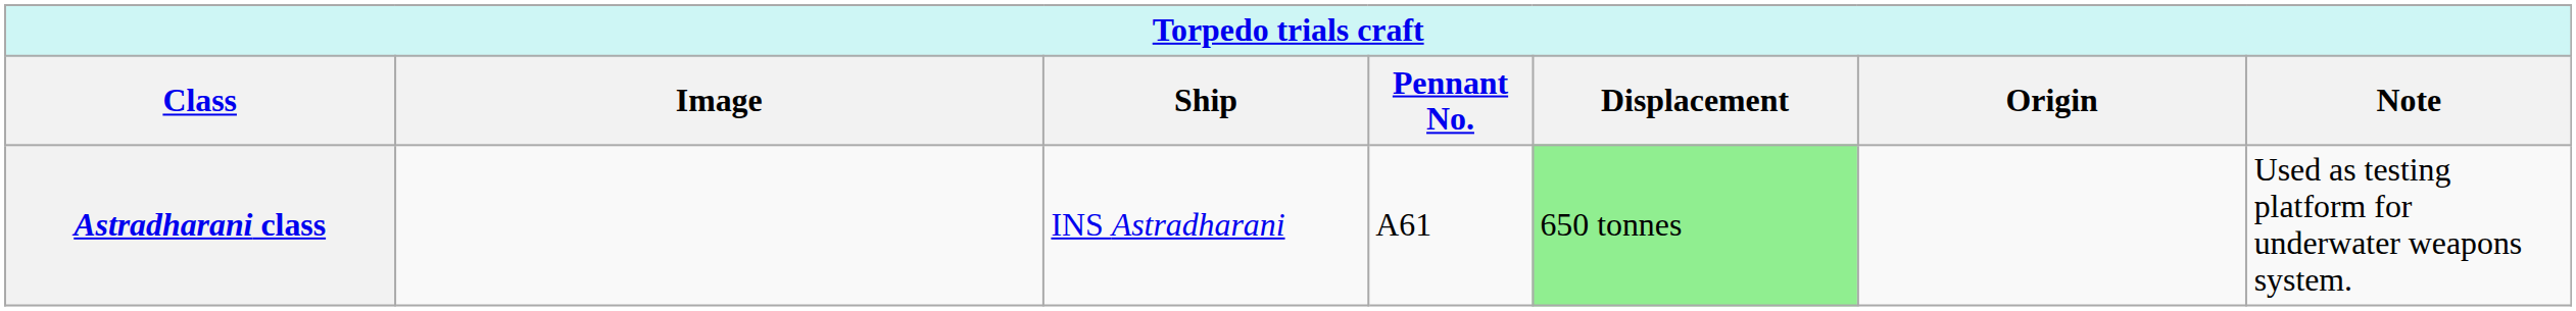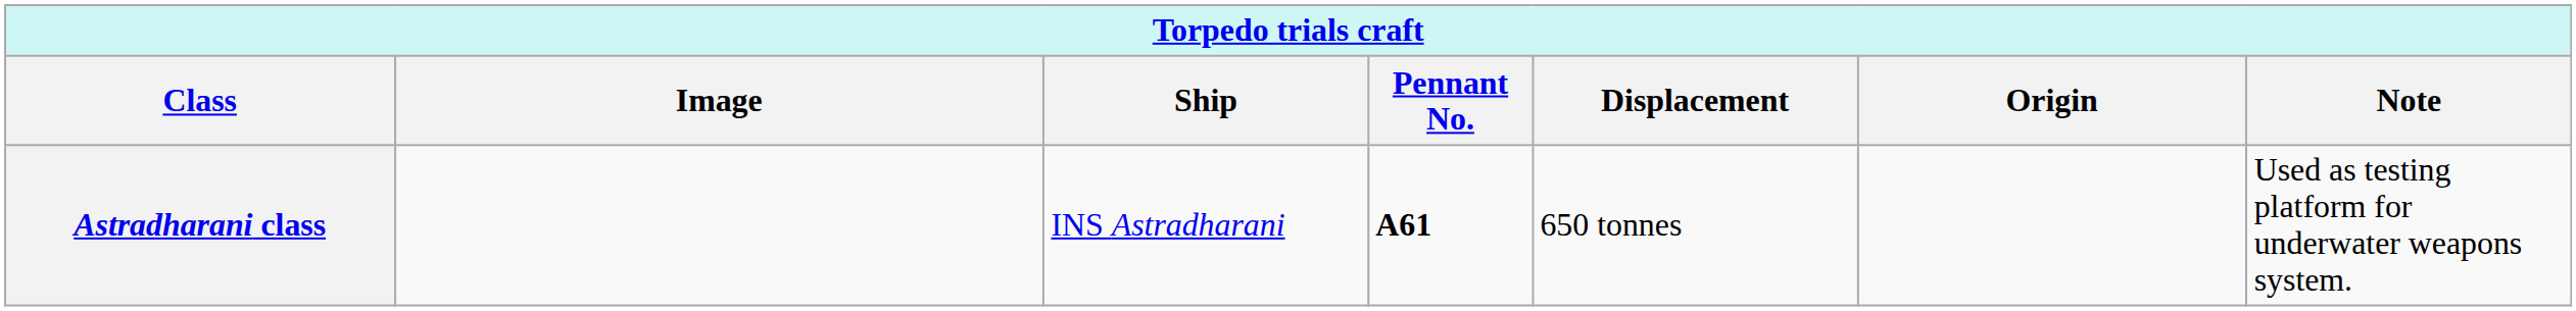 <table class="wikitable" style="margin:auto; width:100%;">
 <tr>
 <th colspan="7" style="align: center; background: #CEF6F5;"><a href='#'>Torpedo trials craft</a></th>
 </tr>
 <tr>
 <th style="text-align:center; width:12%;"><a href='#'>Class</a></th>
 <th style="text-align:center; width:20%;">Image</th>
 <th style="text-align:center; width:10%;">Ship</th>
 <th style="text-align:center; width:5%;"><a href='#'>Pennant No.</a></th>
 <th style="text-align:center; width:10%;">Displacement</th>
 <th style="text-align:center; width:12%;">Origin</th>
 <th style="text-align:center; width:10%;">Note</th>
 </tr>
 <tr>
 <th rowspan="1"><a href='#'><em>Astradharani</em> class</a></th>
 <td rowspan="1"></td>
 <td><a href='#'>INS <em>Astradharani</em></a></td>
-<td>A61</td>
-<td rowspan="1" style="background: lightgreen;">650 tonnes</td>
+<td><strong>A61</strong></td>
+<td rowspan="1">650 tonnes</td>
 <td rowspan="1"></td>
 <td rowspan="1">Used as testing platform for underwater weapons system.</td>
 </tr>
 </table>
